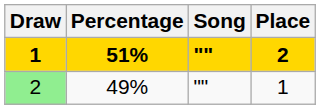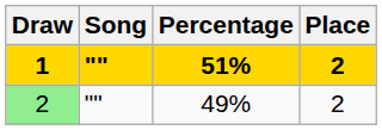 <table class="sortable wikitable" style="margin: 1em auto 1em auto; text-align:center">
 <tr>
 <th>Draw</th>
+<th>Song</th>
 <th>Percentage</th>
-<th>Song</th>
 <th>Place</th>
 </tr>
 <tr style="font-weight:bold; background:gold;">
 <td>1</td>
+<td align="left">""</td>
 <td>51%</td>
-<td align="left">""</td>
 <td>2</td>
 </tr>
 <tr>
 <td style="background: lightgreen;">2</td>
+<td align="left">""</td>
 <td>49%</td>
-<td align="left">""</td>
-<td>1</td>
+<td>2</td>
 </tr>
 </table>
